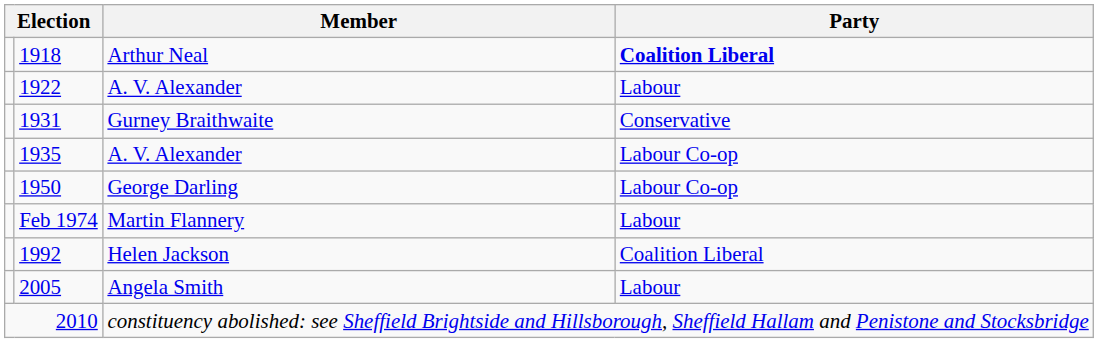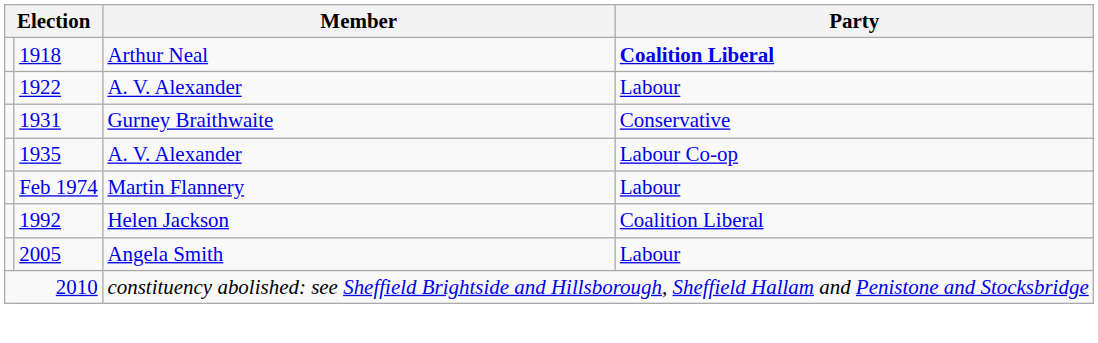 <table class="wikitable">
 <tr>
 <th colspan="2">Election</th>
 <th>Member</th>
 <th>Party</th>
 </tr>
 <tr>
 <td style="color:inherit;background-color: "></td>
 <td><a href='#'>1918</a></td>
 <td><a href='#'>Arthur Neal</a></td>
 <td><strong><a href='#'>Coalition Liberal</a></strong></td>
 </tr>
 <tr>
 <td style="color:inherit;background-color: "></td>
 <td><a href='#'>1922</a></td>
 <td><a href='#'>A. V. Alexander</a></td>
 <td><a href='#'>Labour</a></td>
 </tr>
 <tr>
 <td style="color:inherit;background-color: "></td>
 <td><a href='#'>1931</a></td>
 <td><a href='#'>Gurney Braithwaite</a></td>
 <td><a href='#'>Conservative</a></td>
 </tr>
 <tr>
 <td style="color:inherit;background-color: "></td>
 <td><a href='#'>1935</a></td>
 <td><a href='#'>A. V. Alexander</a></td>
 <td><a href='#'>Labour Co-op</a></td>
 </tr>
 <tr>
 <td style="color:inherit;background-color: "></td>
-<td><a href='#'>1950</a></td>
-<td><a href='#'>George Darling</a></td>
-<td><a href='#'>Labour Co-op</a></td>
-</tr>
-<tr>
-<td style="color:inherit;background-color: "></td>
 <td><a href='#'>Feb 1974</a></td>
 <td><a href='#'>Martin Flannery</a></td>
 <td><a href='#'>Labour</a></td>
 </tr>
 <tr>
 <td style="color:inherit;background-color: "></td>
 <td><a href='#'>1992</a></td>
 <td><a href='#'>Helen Jackson</a></td>
 <td><a href='#'>Coalition Liberal</a></td>
 </tr>
 <tr>
 <td style="color:inherit;background-color: "></td>
 <td><a href='#'>2005</a></td>
 <td><a href='#'>Angela Smith</a></td>
 <td><a href='#'>Labour</a></td>
 </tr>
 <tr>
 <td colspan="2" align="right"><a href='#'>2010</a></td>
 <td colspan="2"><em>constituency abolished: see <a href='#'>Sheffield Brightside and Hillsborough</a>, <a href='#'>Sheffield Hallam</a> and <a href='#'>Penistone and Stocksbridge</a></em></td>
 </tr>
 </table>
